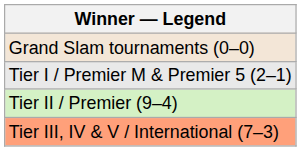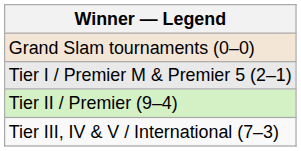 <table class="wikitable" style="font-size:90%;">
 <tr>
 <th>Winner — Legend</th>
 </tr>
 <tr>
 <td style="background:#f3e6d7;">Grand Slam tournaments (0–0)</td>
 </tr>
 <tr>
 <td style="background:#e9e9e9;">Tier I / Premier M & Premier 5 (2–1)</td>
 </tr>
 <tr>
 <td style="background:#d4f1c5;">Tier II / Premier (9–4)</td>
 </tr>
 <tr>
-<td style="background: lightsalmon;">Tier III, IV & V / International (7–3)</td>
+<td>Tier III, IV & V / International (7–3)</td>
 </tr>
 </table>
